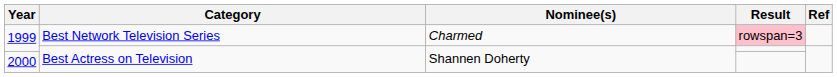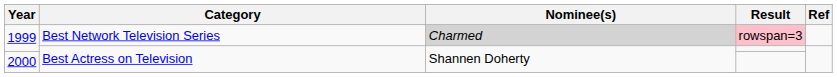 <table class="wikitable">
 <tr>
 <th>Year</th>
 <th width=470>Category</th>
 <th width=375>Nominee(s)</th>
 <th width=65>Result</th>
 <th>Ref</th>
 </tr>
 <tr>
 <td rowspan=2><a href='#'>1999</a></td>
 <td><a href='#'>Best Network Television Series</a></td>
-<td><em>Charmed</em></td>
+<td style="background: lightgrey;"><em>Charmed</em></td>
 <td style="background: pink;">rowspan=3  </td>
 <td></td>
 </tr>
 <tr>
 <td rowspan=2><a href='#'>Best Actress on Television</a></td>
 <td rowspan=2>Shannen Doherty</td>
 <td></td>
 </tr>
 <tr>
 <td><a href='#'>2000</a></td>
 <td></td>
 </tr>
 </table>
